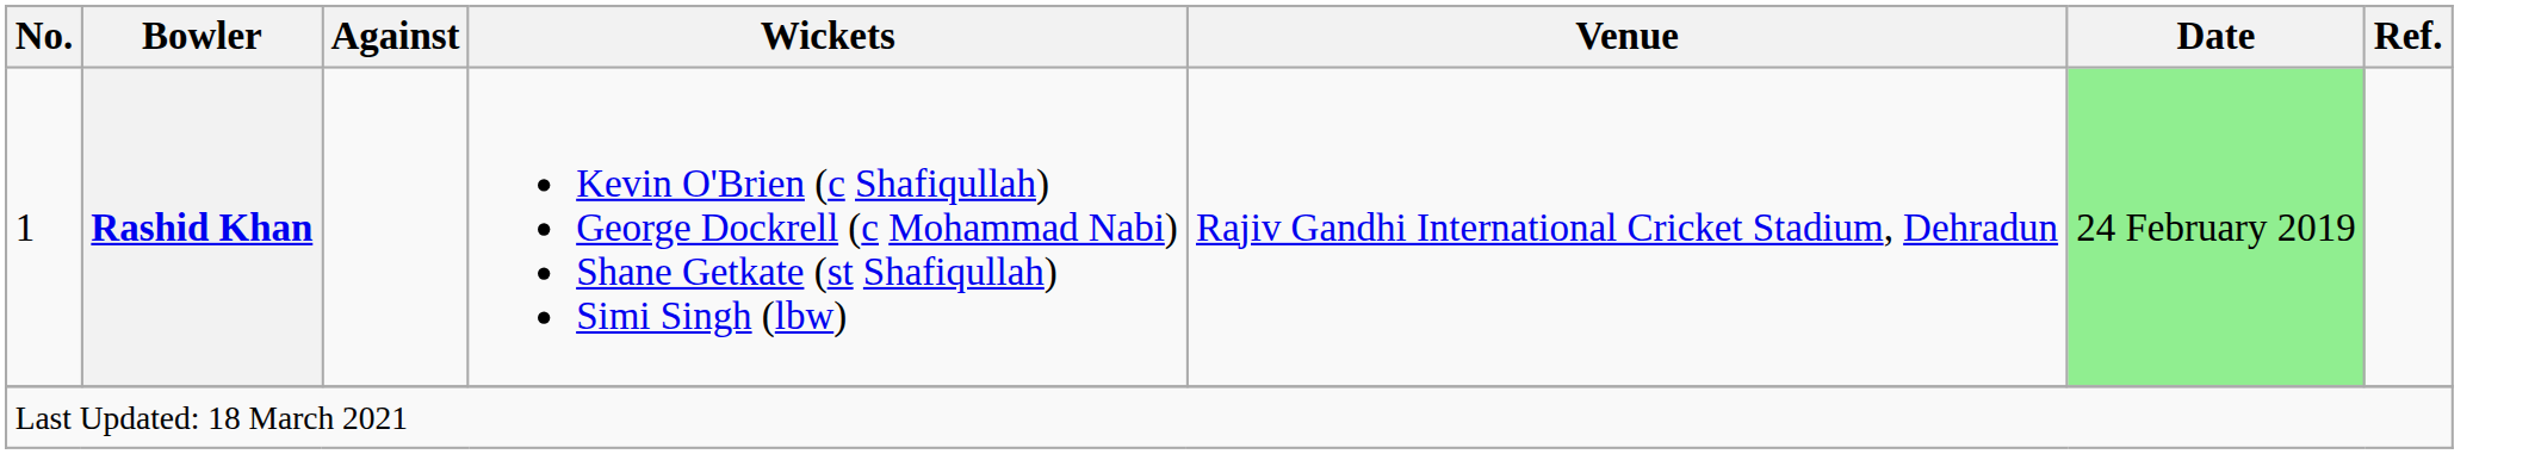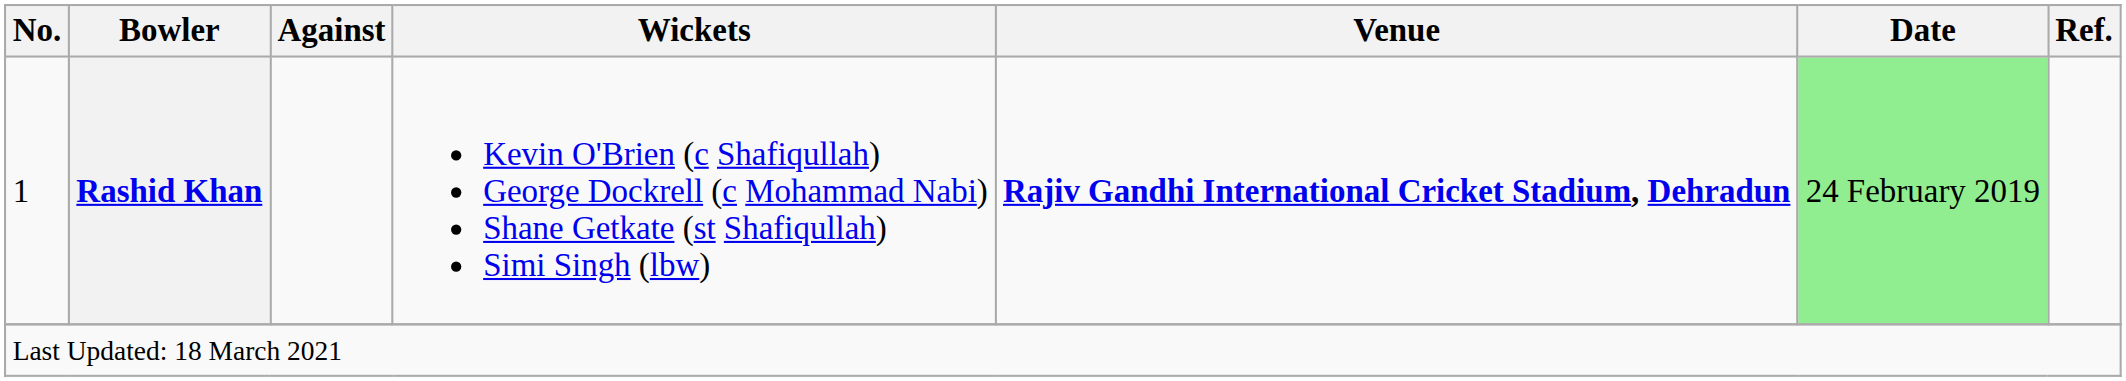 <table class="wikitable sortable plainrowheaders" border="1">
 <tr>
 <th>No.</th>
 <th>Bowler</th>
 <th>Against</th>
 <th class="unsortable">Wickets</th>
 <th>Venue</th>
 <th>Date</th>
 <th>Ref.</th>
 </tr>
 <tr>
 <td>1</td>
 <th scope="row" style="text-align:center;"><a href='#'>Rashid Khan</a></th>
 <td></td>
 <td><br><ul><li><a href='#'>Kevin O'Brien</a> (<a href='#'>c</a> <a href='#'>Shafiqullah</a>)</li><li><a href='#'>George Dockrell</a> (<a href='#'>c</a> <a href='#'>Mohammad Nabi</a>)</li><li><a href='#'>Shane Getkate</a> (<a href='#'>st</a> <a href='#'>Shafiqullah</a>)</li><li><a href='#'>Simi Singh</a> (<a href='#'>lbw</a>)</li></ul></td>
-<td> <a href='#'>Rajiv Gandhi International Cricket Stadium</a>, <a href='#'>Dehradun</a></td>
+<td><strong> <a href='#'>Rajiv Gandhi International Cricket Stadium</a>, <a href='#'>Dehradun</a></strong></td>
 <td style="background: lightgreen;">24 February 2019</td>
 <td></td>
 </tr>
 <tr>
 </tr>
 <tr class=sortbottom>
 <td colspan=8><small>Last Updated: 18 March 2021</small></td>
 </tr>
 </table>
